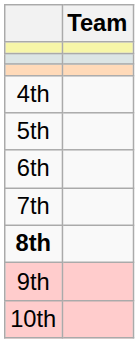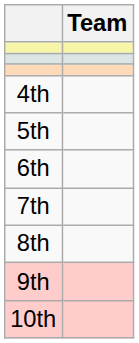 <table class="wikitable" style="text-align:center">
 <tr>
 <th width=15></th>
 <th>Team</th>
 </tr>
 <tr bgcolor="#F7F6A8">
 <td></td>
 <td align=left></td>
 </tr>
 <tr bgcolor="#DCE5E5">
 <td></td>
 <td align=left></td>
 </tr>
 <tr bgcolor="#FFDAB9">
 <td></td>
 <td align=left></td>
 </tr>
 <tr>
 <td>4th</td>
 <td align=left></td>
 </tr>
 <tr>
 <td>5th</td>
 <td align=left></td>
 </tr>
 <tr>
 <td>6th</td>
 <td align=left></td>
 </tr>
 <tr>
 <td>7th</td>
 <td align=left></td>
 </tr>
 <tr>
-<td><strong>8th</strong></td>
+<td>8th</td>
 <td align=left></td>
 </tr>
 <tr style="background:#ffcccc;">
 <td>9th</td>
 <td align=left></td>
 </tr>
 <tr style="background:#ffcccc;">
 <td>10th</td>
 <td align=left></td>
 </tr>
 </table>
